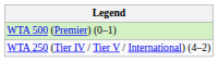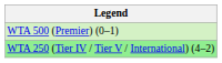 <table class="wikitable" style="font-size:90%">
 <tr>
 <th>Legend</th>
 </tr>
 <tr>
 <td style="background:#d4f1c5;"><a href='#'>WTA 500</a> (<a href='#'>Premier</a>) (0–1)</td>
 </tr>
 <tr>
-<td><a href='#'>WTA 250</a> (<a href='#'>Tier IV</a> / <a href='#'>Tier V</a> / <a href='#'>International</a>) (4–2)</td>
+<td style="background: lightgreen;"><a href='#'>WTA 250</a> (<a href='#'>Tier IV</a> / <a href='#'>Tier V</a> / <a href='#'>International</a>) (4–2)</td>
 </tr>
 </table>
